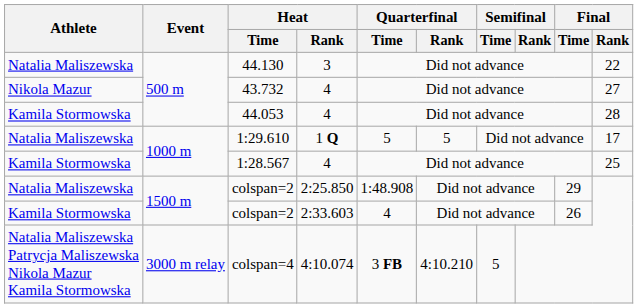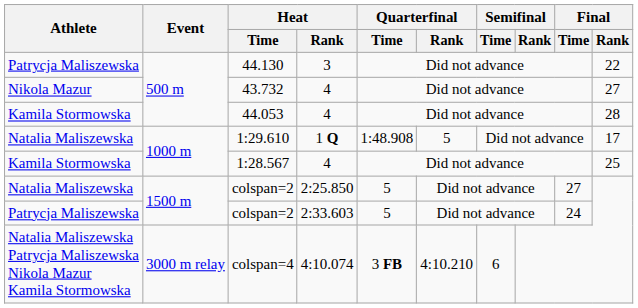 <table class="wikitable" style="font-size:90%; text-align:center">
 <tr>
 <th rowspan=2>Athlete</th>
 <th rowspan=2>Event</th>
 <th colspan=2>Heat</th>
 <th colspan=2>Quarterfinal</th>
 <th colspan=2>Semifinal</th>
 <th colspan=2>Final</th>
 </tr>
 <tr style="font-size:95%">
 <th>Time</th>
 <th>Rank</th>
 <th>Time</th>
 <th>Rank</th>
 <th>Time</th>
 <th>Rank</th>
 <th>Time</th>
 <th>Rank</th>
 </tr>
 <tr>
-<td align=left><a href='#'>Natalia Maliszewska</a></td>
+<td align=left><a href='#'>Patrycja Maliszewska</a></td>
 <td rowspan=3 align=left><a href='#'>500 m</a></td>
 <td>44.130</td>
 <td>3</td>
 <td colspan=5>Did not advance</td>
 <td>22</td>
 </tr>
 <tr>
 <td align=left><a href='#'>Nikola Mazur</a></td>
 <td>43.732</td>
 <td>4</td>
 <td colspan=5>Did not advance</td>
 <td>27</td>
 </tr>
 <tr>
 <td align=left><a href='#'>Kamila Stormowska</a></td>
 <td>44.053</td>
 <td>4</td>
 <td colspan=5>Did not advance</td>
 <td>28</td>
 </tr>
 <tr>
 <td align=left><a href='#'>Natalia Maliszewska</a></td>
 <td align=left rowspan=2><a href='#'>1000 m</a></td>
 <td>1:29.610</td>
 <td>1 <strong>Q</strong></td>
-<td>5</td>
+<td>1:48.908</td>
 <td>5</td>
 <td colspan=3>Did not advance</td>
 <td>17</td>
 </tr>
 <tr>
 <td align=left><a href='#'>Kamila Stormowska</a></td>
 <td>1:28.567</td>
 <td>4</td>
 <td colspan=5>Did not advance</td>
 <td>25</td>
 </tr>
 <tr>
 <td align=left><a href='#'>Natalia Maliszewska</a></td>
 <td align=left rowspan=2><a href='#'>1500 m</a></td>
 <td>colspan=2 </td>
 <td>2:25.850</td>
-<td>1:48.908</td>
+<td>5</td>
 <td colspan=3>Did not advance</td>
-<td>29</td>
+<td>27</td>
 </tr>
 <tr>
-<td align=left><a href='#'>Kamila Stormowska</a></td>
+<td align=left><a href='#'>Patrycja Maliszewska</a></td>
 <td>colspan=2 </td>
 <td>2:33.603</td>
-<td>4</td>
+<td>5</td>
 <td colspan=3>Did not advance</td>
-<td>26</td>
+<td>24</td>
 </tr>
 <tr>
 <td align=left><a href='#'>Natalia Maliszewska</a><br><a href='#'>Patrycja Maliszewska</a><br><a href='#'>Nikola Mazur</a><br><a href='#'>Kamila Stormowska</a></td>
 <td align=left><a href='#'>3000 m relay</a></td>
 <td>colspan=4 </td>
 <td>4:10.074</td>
 <td>3 <strong>FB</strong></td>
 <td>4:10.210</td>
-<td>5</td>
+<td>6</td>
 </tr>
 </table>
